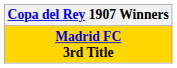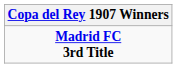 <table class="wikitable" style="text-align: center; margin: 0 auto;">
 <tr>
 <th><a href='#'>Copa del Rey</a> 1907 Winners</th>
 </tr>
 <tr>
-<td style="background: gold;"><strong><a href='#'>Madrid FC</a></strong><br><strong>3rd Title</strong></td>
+<td><strong><a href='#'>Madrid FC</a></strong><br><strong>3rd Title</strong></td>
 </tr>
 </table>
